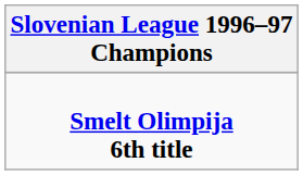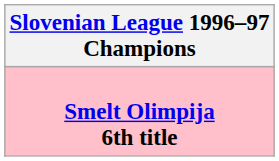 <table class="wikitable" style="text-align: center; margin: 0 auto;">
 <tr>
 <th><a href='#'>Slovenian League</a> 1996–97<br>Champions</th>
 </tr>
 <tr>
 </tr>
 <tr>
-<td><br><strong><a href='#'>Smelt Olimpija</a></strong><br><strong>6th title</strong></td>
+<td style="background: pink;"><br><strong><a href='#'>Smelt Olimpija</a></strong><br><strong>6th title</strong></td>
 </tr>
 </table>
